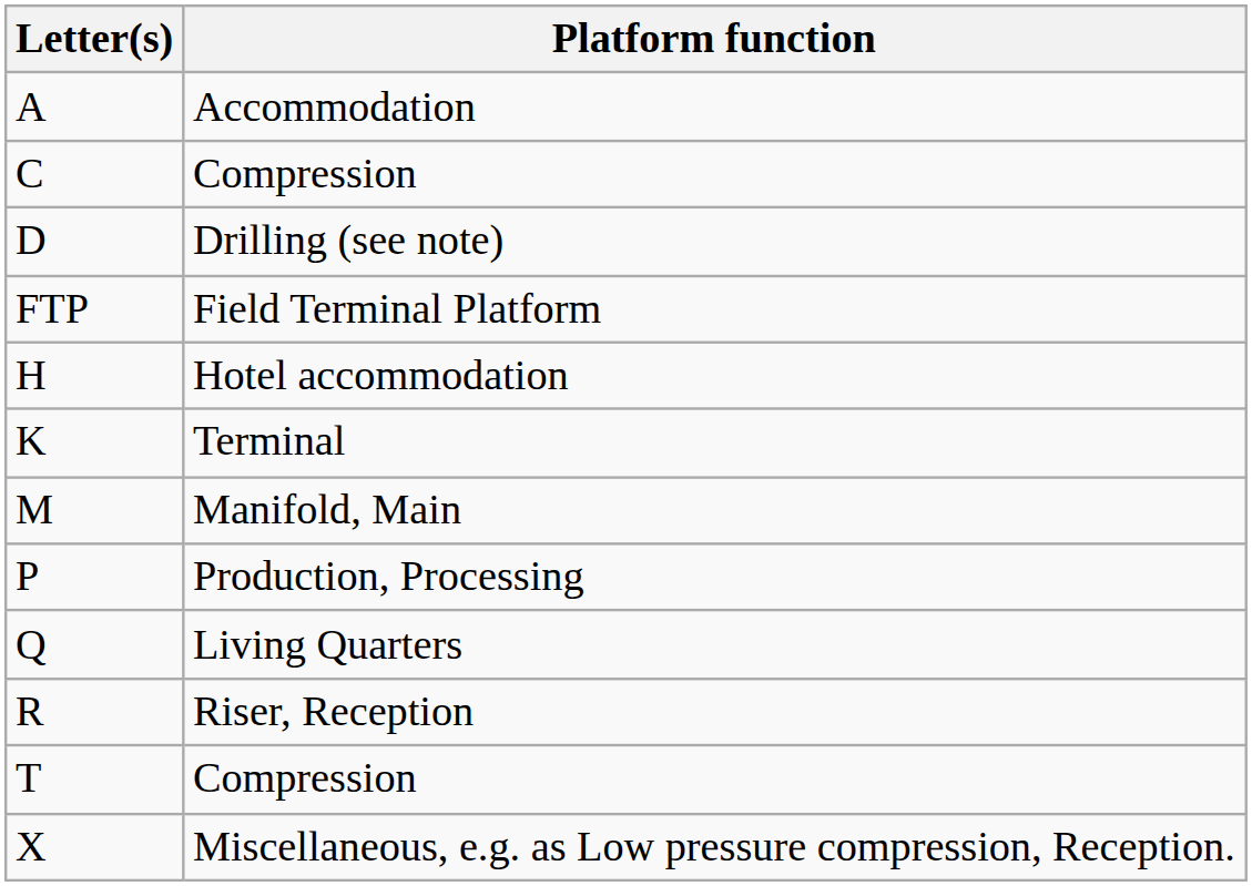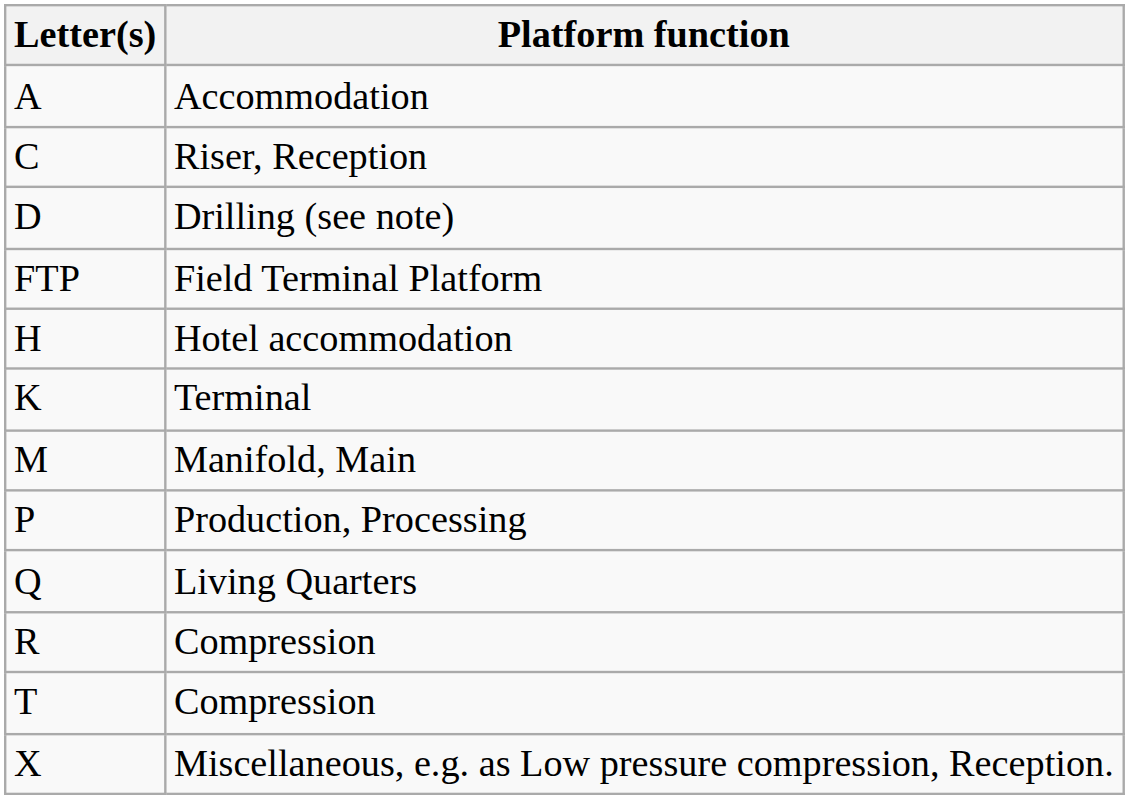 <table class="wikitable">
 <tr>
 <th>Letter(s)</th>
 <th>Platform function</th>
 </tr>
 <tr>
 <td>A</td>
 <td>Accommodation</td>
 </tr>
 <tr>
 <td>C</td>
-<td>Compression</td>
+<td>Riser, Reception</td>
 </tr>
 <tr>
 <td>D</td>
 <td>Drilling (see note)</td>
 </tr>
 <tr>
 <td>FTP</td>
 <td>Field Terminal Platform</td>
 </tr>
 <tr>
 <td>H</td>
 <td>Hotel accommodation</td>
 </tr>
 <tr>
 <td>K</td>
 <td>Terminal</td>
 </tr>
 <tr>
 <td>M</td>
 <td>Manifold, Main</td>
 </tr>
 <tr>
 <td>P</td>
 <td>Production, Processing</td>
 </tr>
 <tr>
 <td>Q</td>
 <td>Living Quarters</td>
 </tr>
 <tr>
 <td>R</td>
-<td>Riser, Reception</td>
+<td>Compression</td>
 </tr>
 <tr>
 <td>T</td>
 <td>Compression</td>
 </tr>
 <tr>
 <td>X</td>
 <td>Miscellaneous, e.g. as Low pressure compression, Reception.</td>
 </tr>
 </table>
